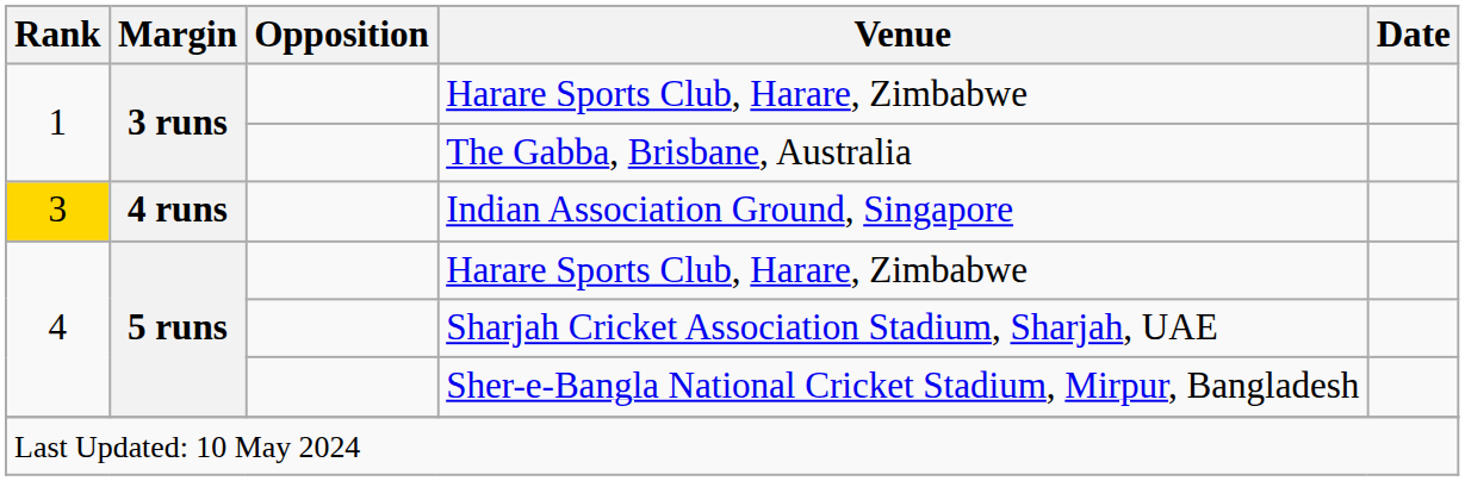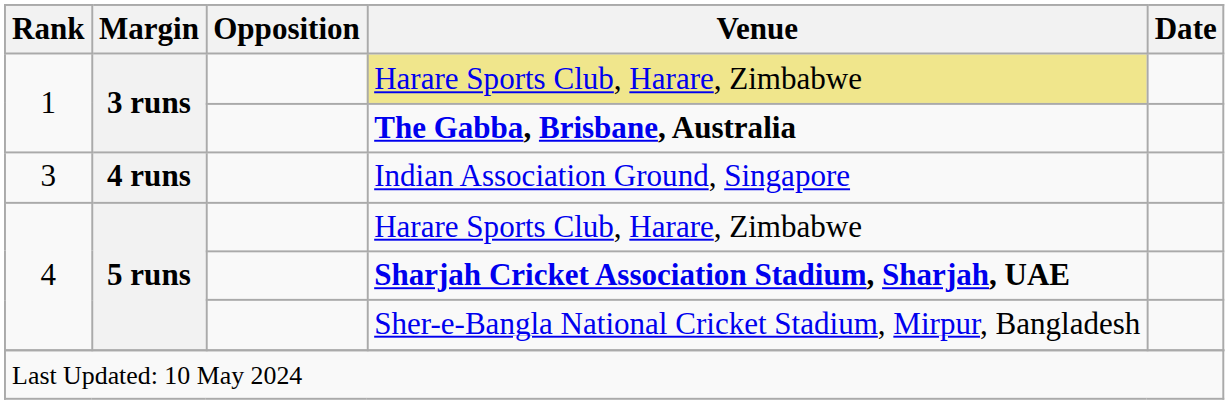 <table class="wikitable sortable">
 <tr>
 <th scope=col>Rank</th>
 <th scope=col>Margin</th>
 <th scope=col>Opposition</th>
 <th scope=col>Venue</th>
 <th scope=col>Date</th>
 </tr>
 <tr>
 <td align=center rowspan=2>1</td>
 <th scope=row style=text-align:center; rowspan=2>3 runs</th>
 <td></td>
-<td><a href='#'>Harare Sports Club</a>, <a href='#'>Harare</a>, Zimbabwe</td>
+<td style="background: khaki;"><a href='#'>Harare Sports Club</a>, <a href='#'>Harare</a>, Zimbabwe</td>
 <td></td>
 </tr>
 <tr>
 <td></td>
-<td><a href='#'>The Gabba</a>, <a href='#'>Brisbane</a>, Australia</td>
+<td><strong><a href='#'>The Gabba</a>, <a href='#'>Brisbane</a>, Australia</strong></td>
 <td></td>
 </tr>
 <tr>
-<td align=center style="background: gold;">3</td>
+<td align=center>3</td>
 <th scope=row style=text-align:center;>4 runs</th>
 <td></td>
 <td><a href='#'>Indian Association Ground</a>, <a href='#'>Singapore</a></td>
 <td></td>
 </tr>
 <tr>
 <td align=center rowspan=3>4</td>
 <th scope=row style=text-align:center rowspan=3>5 runs</th>
 <td></td>
 <td><a href='#'>Harare Sports Club</a>, <a href='#'>Harare</a>, Zimbabwe</td>
 <td></td>
 </tr>
 <tr>
 <td></td>
-<td><a href='#'>Sharjah Cricket Association Stadium</a>, <a href='#'>Sharjah</a>, UAE</td>
+<td><strong><a href='#'>Sharjah Cricket Association Stadium</a>, <a href='#'>Sharjah</a>, UAE</strong></td>
 <td></td>
 </tr>
 <tr>
 <td></td>
 <td><a href='#'>Sher-e-Bangla National Cricket Stadium</a>, <a href='#'>Mirpur</a>, Bangladesh</td>
 <td></td>
 </tr>
 <tr>
 </tr>
 <tr class=sortbottom>
 <td colspan=5><small>Last Updated: 10 May 2024</small></td>
 </tr>
 </table>
